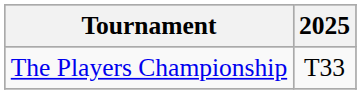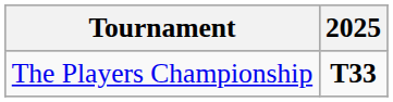 <table class="wikitable" style="font-size:95%;text-align:center;">
 <tr>
 <th>Tournament</th>
 <th>2025</th>
 </tr>
 <tr>
 <td align=left><a href='#'>The Players Championship</a></td>
-<td>T33</td>
+<td><strong>T33</strong></td>
 </tr>
 </table>
